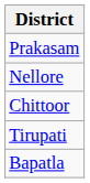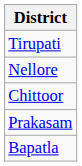 <table class="wikitable sortable static-row-numbers static-row-header-hash">
 <tr>
 <th>District</th>
 </tr>
 <tr>
-<td><a href='#'>Prakasam</a></td>
+<td><a href='#'>Tirupati</a></td>
 </tr>
 <tr>
 <td><a href='#'>Nellore</a></td>
 </tr>
 <tr>
 <td><a href='#'>Chittoor</a></td>
 </tr>
 <tr>
-<td><a href='#'>Tirupati</a></td>
+<td><a href='#'>Prakasam</a></td>
 </tr>
 <tr>
 <td><a href='#'>Bapatla</a></td>
 </tr>
 </table>
